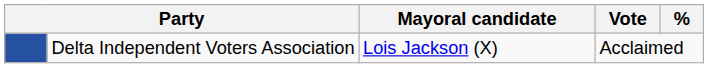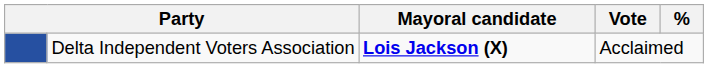 <table class="wikitable">
 <tr>
 <th bgcolor="#DDDDFF" width="250px" colspan="2">Party</th>
 <th bgcolor="#DDDDFF" width="200px">Mayoral candidate</th>
 <th bgcolor="#DDDDFF" width="50px">Vote</th>
 <th bgcolor="#DDDDFF" width="30px">%</th>
 </tr>
 <tr>
 <td style="background:#2650A1;" width="30px"> </td>
 <td>Delta Independent Voters Association</td>
-<td><a href='#'>Lois Jackson</a> (X)</td>
+<td><strong><a href='#'>Lois Jackson</a> (X)</strong></td>
 <td colspan="2">Acclaimed</td>
 </tr>
 </table>
